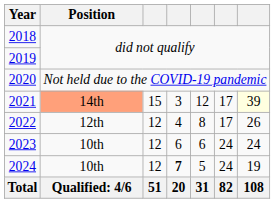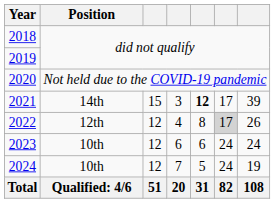 <table class="wikitable" style="text-align: center;">
 <tr>
 <th>Year</th>
 <th>Position</th>
 <th></th>
 <th></th>
 <th></th>
 <th></th>
 <th></th>
 </tr>
 <tr>
 <td> <a href='#'>2018</a></td>
 <td colspan="7" rowspan=2 align=center><em>did not qualify</em></td>
 </tr>
 <tr>
 <td> <a href='#'>2019</a></td>
 </tr>
 <tr>
 <td> <a href='#'>2020</a></td>
 <td colspan="7"><em>Not held due to the <a href='#'>COVID-19 pandemic</a></em></td>
 </tr>
 <tr>
 <td> <a href='#'>2021</a></td>
-<td style="background: lightsalmon;">14th</td>
+<td>14th</td>
 <td>15</td>
 <td>3</td>
-<td>12</td>
+<td><strong>12</strong></td>
 <td>17</td>
-<td style="background: lightyellow;">39</td>
+<td>39</td>
 </tr>
 <tr>
 <td> <a href='#'>2022</a></td>
 <td>12th</td>
 <td>12</td>
 <td>4</td>
 <td>8</td>
-<td>17</td>
+<td style="background: lightgrey;">17</td>
 <td>26</td>
 </tr>
 <tr>
 <td> <a href='#'>2023</a></td>
 <td>10th</td>
 <td>12</td>
 <td>6</td>
 <td>6</td>
 <td>24</td>
 <td>24</td>
 </tr>
 <tr>
 <td> <a href='#'>2024</a></td>
 <td>10th</td>
 <td>12</td>
-<td><strong>7</strong></td>
+<td>7</td>
 <td>5</td>
 <td>24</td>
 <td>19</td>
 </tr>
 <tr>
 <th>Total</th>
 <th>Qualified: 4/6</th>
 <th>51</th>
 <th>20</th>
 <th>31</th>
 <th>82</th>
 <th>108</th>
 </tr>
 </table>
